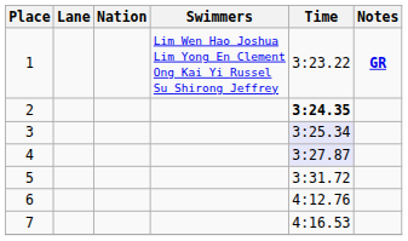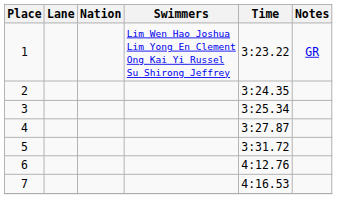 <table class="wikitable sortable" style="text-align:center">
 <tr>
 <th>Place</th>
 <th>Lane</th>
 <th>Nation</th>
 <th>Swimmers</th>
 <th>Time</th>
 <th>Notes</th>
 </tr>
 <tr>
 <td>1</td>
 <td></td>
 <td align=left></td>
 <td align=left><small> <a href='#'>Lim Wen Hao Joshua</a> <br> <a href='#'>Lim Yong En Clement</a> <br> <a href='#'>Ong Kai Yi Russel</a> <br> <a href='#'>Su Shirong Jeffrey</a> </small></td>
 <td>3:23.22</td>
-<td><strong><a href='#'>GR</a></strong></td>
+<td><a href='#'>GR</a></td>
 </tr>
 <tr>
 <td>2</td>
 <td></td>
 <td align=left></td>
 <td align=left></td>
-<td><strong>3:24.35</strong></td>
+<td>3:24.35</td>
 <td></td>
 </tr>
 <tr>
 <td>3</td>
 <td></td>
 <td align=left></td>
 <td align=left></td>
-<td style="background: lavender;">3:25.34</td>
+<td>3:25.34</td>
 <td></td>
 </tr>
 <tr>
 <td>4</td>
 <td></td>
 <td align=left></td>
 <td align=left></td>
-<td style="background: lavender;">3:27.87</td>
+<td>3:27.87</td>
 <td></td>
 </tr>
 <tr>
 <td>5</td>
 <td></td>
 <td align=left></td>
 <td align=left></td>
 <td>3:31.72</td>
 <td></td>
 </tr>
 <tr>
 <td>6</td>
 <td></td>
 <td align=left></td>
 <td align=left></td>
 <td>4:12.76</td>
 <td></td>
 </tr>
 <tr>
 <td>7</td>
 <td></td>
 <td align=left></td>
 <td align=left></td>
 <td>4:16.53</td>
 <td></td>
 </tr>
 <tr>
 </tr>
 </table>
